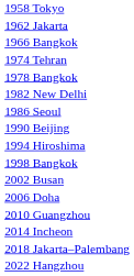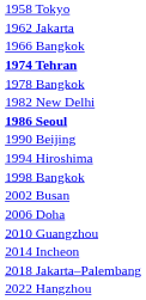 <table>
 <tr>
 <td rowspan=2><a href='#'>1958 Tokyo</a></td>
 <td rowspan=2></td>
 <td rowspan=2></td>
 <td></td>
 </tr>
 <tr>
 <td></td>
 </tr>
 <tr>
 <td rowspan=2><a href='#'>1962 Jakarta</a></td>
 <td rowspan=2></td>
 <td rowspan=2><br></td>
 <td></td>
 </tr>
 <tr>
 <td></td>
 </tr>
 <tr>
 <td rowspan=2><a href='#'>1966 Bangkok</a></td>
 <td rowspan=2></td>
 <td rowspan=2></td>
 <td></td>
 </tr>
 <tr>
 <td></td>
 </tr>
 <tr>
-<td><a href='#'>1974 Tehran</a></td>
+<td><strong><a href='#'>1974 Tehran</a></strong></td>
 <td></td>
 <td></td>
 <td></td>
 </tr>
 <tr>
 <td rowspan=2><a href='#'>1978 Bangkok</a></td>
 <td rowspan=2></td>
 <td rowspan=2></td>
 <td></td>
 </tr>
 <tr>
 <td></td>
 </tr>
 <tr>
 <td><a href='#'>1982 New Delhi</a></td>
 <td></td>
 <td></td>
 <td></td>
 </tr>
 <tr>
-<td><a href='#'>1986 Seoul</a></td>
+<td><strong><a href='#'>1986 Seoul</a></strong></td>
 <td></td>
 <td></td>
 <td></td>
 </tr>
 <tr>
 <td rowspan=2><a href='#'>1990 Beijing</a></td>
 <td rowspan=2></td>
 <td rowspan=2></td>
 <td></td>
 </tr>
 <tr>
 <td></td>
 </tr>
 <tr>
 <td rowspan=2><a href='#'>1994 Hiroshima</a></td>
 <td rowspan=2></td>
 <td rowspan=2></td>
 <td></td>
 </tr>
 <tr>
 <td></td>
 </tr>
 <tr>
 <td rowspan=2><a href='#'>1998 Bangkok</a></td>
 <td rowspan=2></td>
 <td rowspan=2></td>
 <td></td>
 </tr>
 <tr>
 <td></td>
 </tr>
 <tr>
 <td rowspan=2><a href='#'>2002 Busan</a></td>
 <td rowspan=2></td>
 <td rowspan=2></td>
 <td></td>
 </tr>
 <tr>
 <td></td>
 </tr>
 <tr>
 <td rowspan=2><a href='#'>2006 Doha</a></td>
 <td rowspan=2></td>
 <td rowspan=2></td>
 <td></td>
 </tr>
 <tr>
 <td></td>
 </tr>
 <tr>
 <td rowspan=2><a href='#'>2010 Guangzhou</a></td>
 <td rowspan=2></td>
 <td rowspan=2></td>
 <td></td>
 </tr>
 <tr>
 <td></td>
 </tr>
 <tr>
 <td rowspan=2><a href='#'>2014 Incheon</a></td>
 <td rowspan=2></td>
 <td rowspan=2></td>
 <td></td>
 </tr>
 <tr>
 <td></td>
 </tr>
 <tr>
 <td rowspan=2><a href='#'>2018 Jakarta–Palembang</a></td>
 <td rowspan=2></td>
 <td rowspan=2></td>
 <td></td>
 </tr>
 <tr>
 <td></td>
 </tr>
 <tr>
 <td rowspan=2><a href='#'>2022 Hangzhou</a></td>
 <td rowspan=2></td>
 <td rowspan=2></td>
 <td></td>
 </tr>
 <tr>
 <td></td>
 </tr>
 </table>
